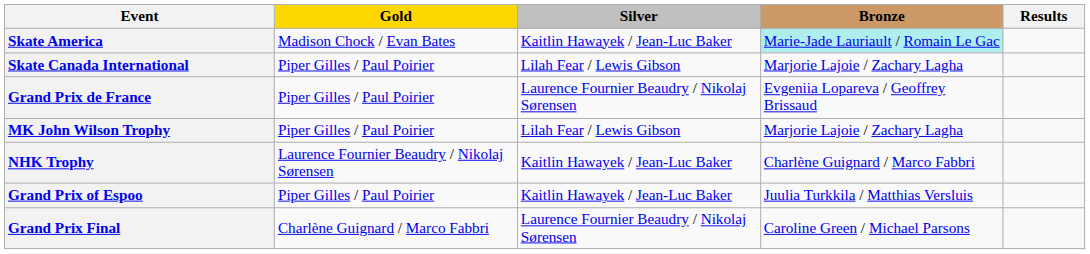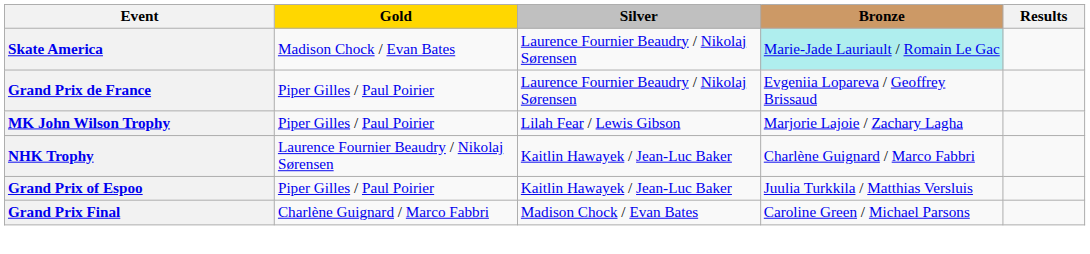 <table class="wikitable unsortable" style="text-align:left; width:90%;">
 <tr>
 <th scope="col" style="text-align:center; width:25%;">Event</th>
 <td scope="col" style="text-align:center; width:22.5%; background:gold"><strong>Gold</strong></td>
 <td scope="col" style="text-align:center; width:22.5%; background:silver"><strong>Silver</strong></td>
 <td scope="col" style="text-align:center; width:22.5%; background:#c96"><strong>Bronze</strong></td>
 <th scope="col" style="text-align:center; width:7.5%;">Results</th>
 </tr>
 <tr>
 <th scope="row" style="text-align:left"> <a href='#'>Skate America</a></th>
 <td> <a href='#'>Madison Chock</a> / <a href='#'>Evan Bates</a></td>
-<td> <a href='#'>Kaitlin Hawayek</a> / <a href='#'>Jean-Luc Baker</a></td>
+<td> <a href='#'>Laurence Fournier Beaudry</a> / <a href='#'>Nikolaj Sørensen</a></td>
 <td style="background: paleturquoise;"> <a href='#'>Marie-Jade Lauriault</a> / <a href='#'>Romain Le Gac</a></td>
-<td></td>
-</tr>
-<tr>
-<th scope="row" style="text-align:left"> <a href='#'>Skate Canada International</a></th>
-<td> <a href='#'>Piper Gilles</a> / <a href='#'>Paul Poirier</a></td>
-<td> <a href='#'>Lilah Fear</a> / <a href='#'>Lewis Gibson</a></td>
-<td> <a href='#'>Marjorie Lajoie</a> / <a href='#'>Zachary Lagha</a></td>
 <td></td>
 </tr>
 <tr>
 <th scope="row" style="text-align:left"> <a href='#'>Grand Prix de France</a></th>
 <td> <a href='#'>Piper Gilles</a> / <a href='#'>Paul Poirier</a></td>
 <td> <a href='#'>Laurence Fournier Beaudry</a> / <a href='#'>Nikolaj Sørensen</a></td>
 <td> <a href='#'>Evgeniia Lopareva</a> / <a href='#'>Geoffrey Brissaud</a></td>
 <td></td>
 </tr>
 <tr>
 <th scope="row" style="text-align:left"> <a href='#'>MK John Wilson Trophy</a></th>
 <td> <a href='#'>Piper Gilles</a> / <a href='#'>Paul Poirier</a></td>
 <td> <a href='#'>Lilah Fear</a> / <a href='#'>Lewis Gibson</a></td>
 <td> <a href='#'>Marjorie Lajoie</a> / <a href='#'>Zachary Lagha</a></td>
 <td></td>
 </tr>
 <tr>
 <th scope="row" style="text-align:left"> <a href='#'>NHK Trophy</a></th>
 <td> <a href='#'>Laurence Fournier Beaudry</a> / <a href='#'>Nikolaj Sørensen</a></td>
 <td> <a href='#'>Kaitlin Hawayek</a> / <a href='#'>Jean-Luc Baker</a></td>
 <td> <a href='#'>Charlène Guignard</a> / <a href='#'>Marco Fabbri</a></td>
 <td></td>
 </tr>
 <tr>
 <th scope="row" style="text-align:left"> <a href='#'>Grand Prix of Espoo</a></th>
 <td> <a href='#'>Piper Gilles</a> / <a href='#'>Paul Poirier</a></td>
 <td> <a href='#'>Kaitlin Hawayek</a> / <a href='#'>Jean-Luc Baker</a></td>
 <td> <a href='#'>Juulia Turkkila</a> / <a href='#'>Matthias Versluis</a></td>
 <td></td>
 </tr>
 <tr>
 <th scope="row" style="text-align:left"> <a href='#'>Grand Prix Final</a></th>
 <td> <a href='#'>Charlène Guignard</a> / <a href='#'>Marco Fabbri</a></td>
-<td> <a href='#'>Laurence Fournier Beaudry</a> / <a href='#'>Nikolaj Sørensen</a></td>
+<td> <a href='#'>Madison Chock</a> / <a href='#'>Evan Bates</a></td>
 <td> <a href='#'>Caroline Green</a> / <a href='#'>Michael Parsons</a></td>
 <td></td>
 </tr>
 </table>
